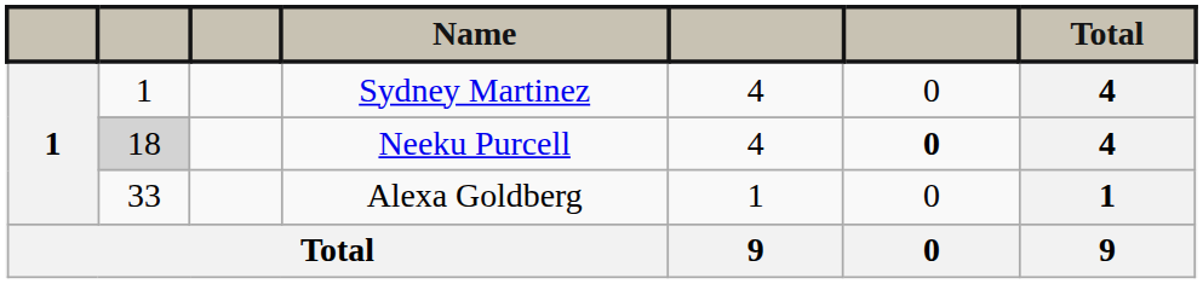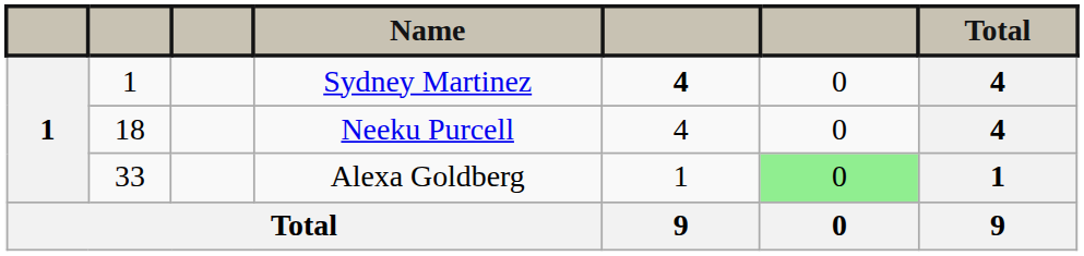 <table class="wikitable sortable" style="text-align:center;">
 <tr>
 <th style="background:#c8c2b3; color:#131314; border:2px solid #131314; width:35px;" scope="col"></th>
 <th style="background:#c8c2b3; color:#131314; border:2px solid #131314; width:35px;" scope="col"></th>
 <th style="background:#c8c2b3; color:#131314; border:2px solid #131314; width:35px;" scope="col"></th>
 <th style="background:#c8c2b3; color:#131314; border:2px solid #131314; width:175px;" scope="col">Name</th>
 <th style="background:#c8c2b3; color:#131314; border:2px solid #131314; width:75px;" scope="col"></th>
 <th style="background:#c8c2b3; color:#131314; border:2px solid #131314; width:75px;" scope="col"></th>
 <th style="background:#c8c2b3; color:#131314; border:2px solid #131314; width:75px;" scope="col">Total</th>
 </tr>
 <tr>
 <th rowspan="3">1</th>
 <td>1</td>
 <td></td>
 <td><a href='#'>Sydney Martinez</a></td>
-<td>4</td>
+<td><strong>4</strong></td>
 <td>0</td>
 <th>4</th>
 </tr>
 <tr>
-<td style="background: lightgrey;">18</td>
+<td>18</td>
 <td></td>
 <td><a href='#'>Neeku Purcell</a></td>
 <td>4</td>
-<td><strong>0</strong></td>
+<td>0</td>
 <th>4</th>
 </tr>
 <tr>
 <td>33</td>
 <td></td>
 <td>Alexa Goldberg</td>
 <td>1</td>
-<td>0</td>
+<td style="background: lightgreen;">0</td>
 <th>1</th>
 </tr>
 <tr>
 <th colspan="4" scope="row">Total</th>
 <th>9</th>
 <th>0</th>
 <th>9</th>
 </tr>
 </table>
